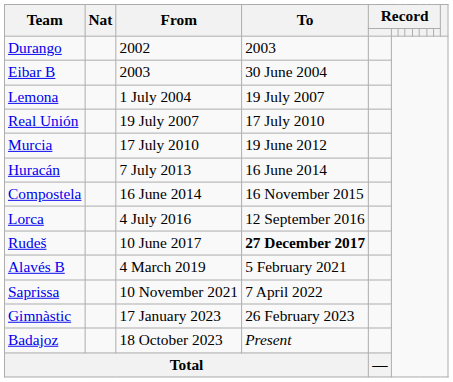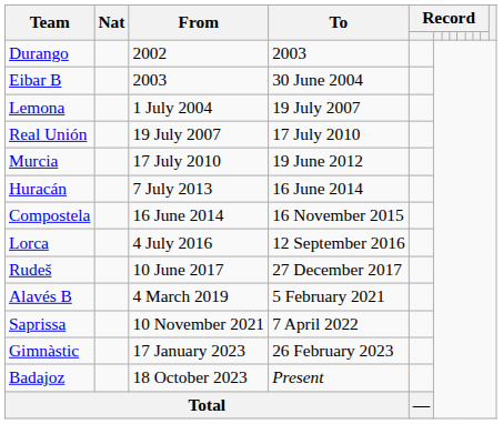 <table class="wikitable" style="text-align: center">
 <tr>
 <th rowspan="2">Team</th>
 <th rowspan="2">Nat</th>
 <th rowspan="2">From</th>
 <th rowspan="2">To</th>
 <th colspan="8">Record</th>
 <th rowspan=2></th>
 </tr>
 <tr>
 <th></th>
 <th></th>
 <th></th>
 <th></th>
 <th></th>
 <th></th>
 <th></th>
 <th></th>
 </tr>
 <tr>
 <td align=left><a href='#'>Durango</a></td>
 <td></td>
 <td align=left>2002</td>
 <td align=left>2003<br></td>
 <td></td>
 </tr>
 <tr>
 <td align=left><a href='#'>Eibar B</a></td>
 <td></td>
 <td align=left>2003</td>
 <td align=left>30 June 2004<br></td>
 <td></td>
 </tr>
 <tr>
 <td align=left><a href='#'>Lemona</a></td>
 <td></td>
 <td align=left>1 July 2004</td>
 <td align=left>19 July 2007<br></td>
 <td></td>
 </tr>
 <tr>
 <td align=left><a href='#'>Real Unión</a></td>
 <td></td>
 <td align=left>19 July 2007</td>
 <td align=left>17 July 2010<br></td>
 <td></td>
 </tr>
 <tr>
 <td align=left><a href='#'>Murcia</a></td>
 <td></td>
 <td align=left>17 July 2010</td>
 <td align=left>19 June 2012<br></td>
 <td></td>
 </tr>
 <tr>
 <td align=left><a href='#'>Huracán</a></td>
 <td></td>
 <td align=left>7 July 2013</td>
 <td align=left>16 June 2014<br></td>
 <td></td>
 </tr>
 <tr>
 <td align=left><a href='#'>Compostela</a></td>
 <td></td>
 <td align=left>16 June 2014</td>
 <td align=left>16 November 2015<br></td>
 <td></td>
 </tr>
 <tr>
 <td align=left><a href='#'>Lorca</a></td>
 <td></td>
 <td align=left>4 July 2016</td>
 <td align=left>12 September 2016<br></td>
 <td></td>
 </tr>
 <tr>
 <td align=left><a href='#'>Rudeš</a></td>
 <td></td>
 <td align=left>10 June 2017</td>
-<td align=left><strong>27 December 2017<br></strong></td>
+<td align=left>27 December 2017<br></td>
 <td></td>
 </tr>
 <tr>
 <td align=left><a href='#'>Alavés B</a></td>
 <td></td>
 <td align=left>4 March 2019</td>
 <td align=left>5 February 2021<br></td>
 <td></td>
 </tr>
 <tr>
 <td align=left><a href='#'>Saprissa</a></td>
 <td></td>
 <td align=left>10 November 2021</td>
 <td align=left>7 April 2022<br></td>
 <td></td>
 </tr>
 <tr>
 <td align=left><a href='#'>Gimnàstic</a></td>
 <td></td>
 <td align=left>17 January 2023</td>
 <td align=left>26 February 2023<br></td>
 <td></td>
 </tr>
 <tr>
 <td align=left><a href='#'>Badajoz</a></td>
 <td></td>
 <td align=left>18 October 2023</td>
 <td align=left><em>Present</em><br></td>
 <td></td>
 </tr>
 <tr>
 <th colspan="4">Total<br></th>
 <th>—</th>
 </tr>
 </table>
